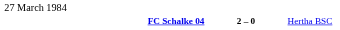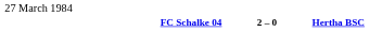 <table width=100% cellspacing=1>
 <tr>
 <th width=25%></th>
 <th width=10%></th>
 <th width=25%></th>
 <th></th>
 </tr>
 <tr>
 <td>27 March 1984</td>
 </tr>
 <tr style=font-size:90%>
 <td align=right><strong><a href='#'>FC Schalke 04</a></strong></td>
 <td align=center><strong>2 – 0</strong></td>
-<td><a href='#'>Hertha BSC</a></td>
+<td><strong><a href='#'>Hertha BSC</a></strong></td>
 </tr>
 </table>
